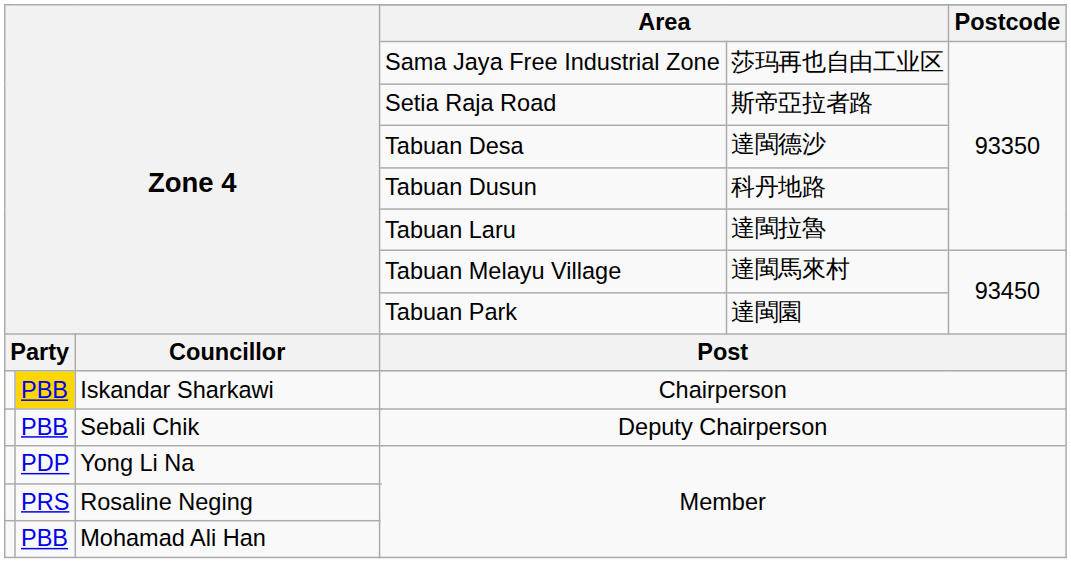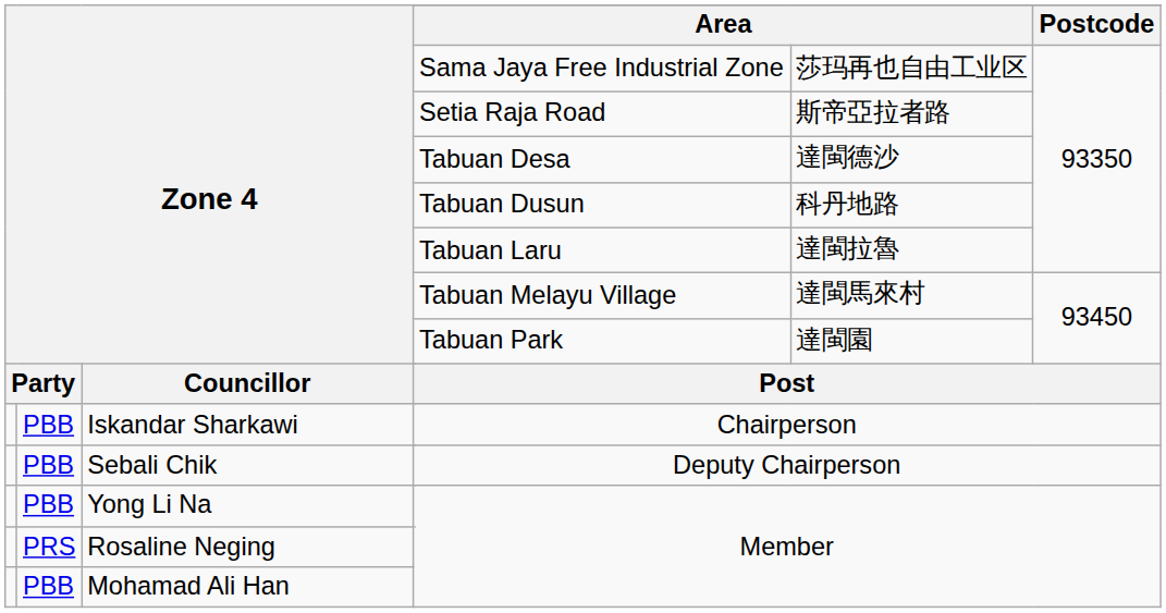 <table class="wikitable">
 <tr>
 <th width="220" colspan="4" rowspan="9"><br><h3>Zone 4</h3></th>
 </tr>
 <tr>
 <th ! align=center width="380" colspan="2">Area</th>
 <th align=center><strong>Postcode</strong></th>
 </tr>
 <tr>
 <td>Sama Jaya Free Industrial Zone</td>
 <td>莎玛再也自由工业区</td>
 <td align=center rowspan="5">93350</td>
 </tr>
 <tr>
 <td>Setia Raja Road</td>
 <td>斯帝亞拉者路</td>
 </tr>
 <tr>
 <td>Tabuan Desa</td>
 <td>達閩德沙</td>
 </tr>
 <tr>
 <td>Tabuan Dusun</td>
 <td>科丹地路</td>
 </tr>
 <tr>
 <td>Tabuan Laru</td>
 <td>達閩拉魯</td>
 </tr>
 <tr>
 <td>Tabuan Melayu Village</td>
 <td>達閩馬來村</td>
 <td align=center rowspan="2">93450</td>
 </tr>
 <tr>
 <td>Tabuan Park</td>
 <td>達閩園</td>
 </tr>
 <tr>
 <th colspan="2">Party</th>
 <th width="200" colspan="2">Councillor</th>
 <th colspan="3">Post</th>
 </tr>
 <tr>
 <td></td>
-<td style="background: gold;"><a href='#'>PBB</a></td>
+<td><a href='#'>PBB</a></td>
 <td colspan="2">Iskandar Sharkawi</td>
 <td align=center colspan="3">Chairperson</td>
 </tr>
 <tr>
 <td></td>
 <td><a href='#'>PBB</a></td>
 <td colspan="2">Sebali Chik</td>
 <td align=center colspan="3">Deputy Chairperson</td>
 </tr>
 <tr>
 <td></td>
-<td><a href='#'>PDP</a></td>
+<td><a href='#'>PBB</a></td>
 <td colspan="2">Yong Li Na</td>
 <td align=center colspan="3" rowspan="3">Member</td>
 </tr>
 <tr>
 <td></td>
 <td><a href='#'>PRS</a></td>
 <td colspan="2">Rosaline Neging</td>
 </tr>
 <tr>
 <td></td>
 <td><a href='#'>PBB</a></td>
 <td colspan="2">Mohamad Ali Han</td>
 </tr>
 </table>
